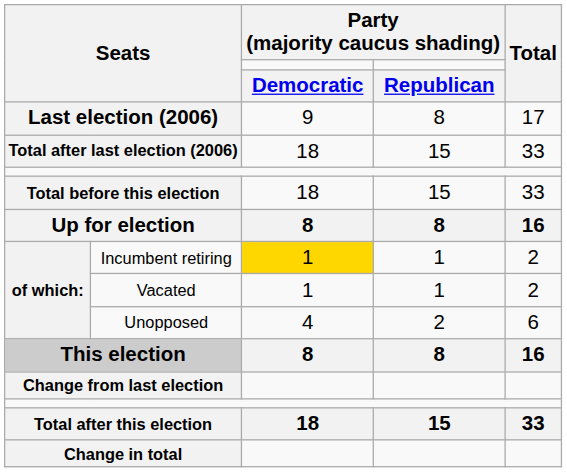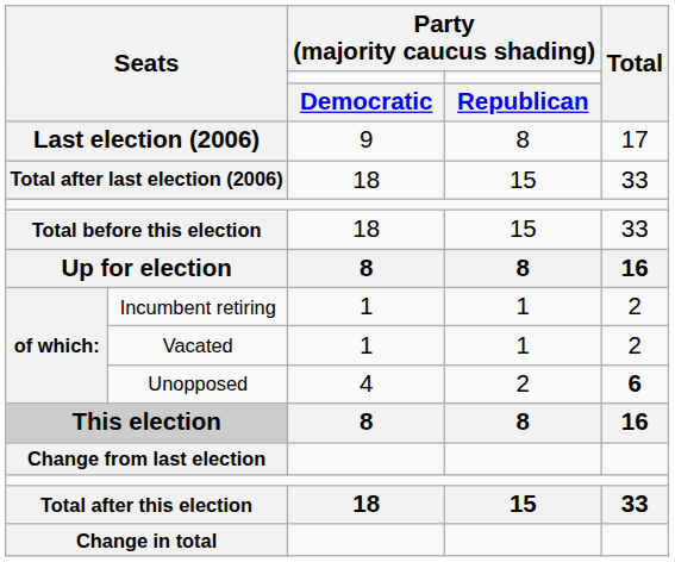 <table class="wikitable" style="text-align:center">
 <tr>
 <th colspan="2" rowspan="3">Seats</th>
 <th colspan="2">Party<div>(majority caucus shading)</div></th>
 <th rowspan="3">Total</th>
 </tr>
 <tr style="height:5px">
 <td style="background-color:"></td>
 <td style="background-color:"></td>
 </tr>
 <tr>
 <th><a href='#'>Democratic</a></th>
 <th><a href='#'>Republican</a></th>
 </tr>
 <tr>
 <th colspan="2" nowrap="">Last election (2006)</th>
 <td>9</td>
 <td>8</td>
 <td>17</td>
 </tr>
 <tr>
 <th colspan="2" nowrap="" style="font-size:80%">Total after last election (2006)</th>
 <td>18</td>
 <td>15</td>
 <td>33</td>
 </tr>
 <tr>
 <td colspan="5"></td>
 </tr>
 <tr>
 <th colspan="2" nowrap="" style="font-size:80%">Total before this election</th>
 <td>18</td>
 <td>15</td>
 <td>33</td>
 </tr>
 <tr>
 <th colspan="2">Up for election</th>
 <th>8</th>
 <th>8</th>
 <th>16</th>
 </tr>
 <tr>
 <th rowspan="3" style="font-size:80%">of which:</th>
 <td nowrap="" style="font-size:80%">Incumbent retiring</td>
-<td style="background: gold;">1</td>
+<td>1</td>
 <td>1</td>
 <td>2</td>
 </tr>
 <tr>
 <td nowrap="" style="font-size:80%">Vacated</td>
 <td>1</td>
 <td>1</td>
 <td>2</td>
 </tr>
 <tr>
 <td nowrap="" style="font-size:80%">Unopposed</td>
 <td>4</td>
 <td>2</td>
-<td>6</td>
+<td><strong>6</strong></td>
 </tr>
 <tr>
 <th colspan="2" nowrap="" style="background:#ccc">This election</th>
 <th>8</th>
 <th>8</th>
 <th>16</th>
 </tr>
 <tr>
 <th colspan="2" nowrap="" style="font-size:80%">Change from last election</th>
 <td></td>
 <td></td>
 <td></td>
 </tr>
 <tr>
 <td colspan="5"></td>
 </tr>
 <tr>
 <th colspan="2" nowrap="" style="font-size:80%">Total after this election</th>
 <th>18</th>
 <th>15</th>
 <th>33</th>
 </tr>
 <tr>
 <th colspan="2" nowrap="" style="font-size:80%">Change in total</th>
 <td></td>
 <td></td>
 <td></td>
 </tr>
 </table>
